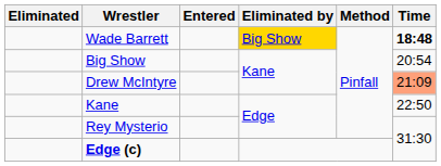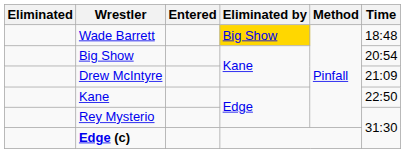 <table class="wikitable sortable">
 <tr>
 <th>Eliminated</th>
 <th>Wrestler</th>
 <th>Entered</th>
 <th>Eliminated by</th>
 <th>Method</th>
 <th>Time</th>
 </tr>
 <tr>
 <td></td>
 <td><a href='#'>Wade Barrett</a></td>
 <td></td>
 <td style="background: gold;"><a href='#'>Big Show</a></td>
 <td rowspan=5><a href='#'>Pinfall</a></td>
-<td><strong>18:48</strong></td>
+<td>18:48</td>
 </tr>
 <tr>
 <td></td>
 <td><a href='#'>Big Show</a></td>
 <td></td>
 <td rowspan=2><a href='#'>Kane</a></td>
 <td>20:54</td>
 </tr>
 <tr>
 <td></td>
 <td><a href='#'>Drew McIntyre</a></td>
 <td></td>
-<td style="background: lightsalmon;">21:09</td>
+<td>21:09</td>
 </tr>
 <tr>
 <td></td>
 <td><a href='#'>Kane</a></td>
 <td></td>
 <td rowspan=2><a href='#'>Edge</a></td>
 <td>22:50</td>
 </tr>
 <tr>
 <td></td>
 <td><a href='#'>Rey Mysterio</a></td>
 <td></td>
 <td rowspan=2>31:30</td>
 </tr>
 <tr>
 <td></td>
 <td><strong><a href='#'>Edge</a> (c)</strong></td>
 <td></td>
 <td colspan="2"></td>
 </tr>
 </table>
